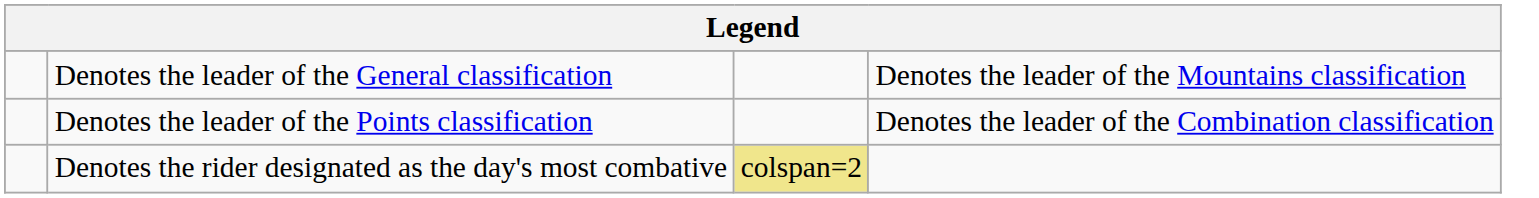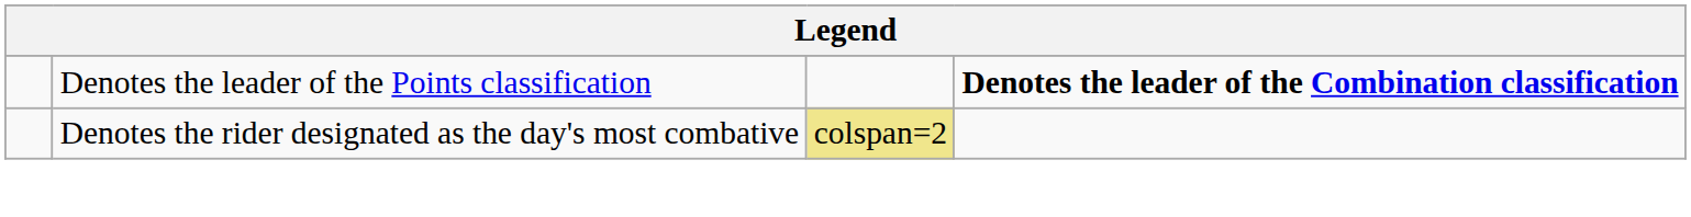 <table class="wikitable">
 <tr>
 <th colspan=4>Legend</th>
 </tr>
 <tr>
 <td>    </td>
-<td>Denotes the leader of the <a href='#'>General classification</a></td>
-<td>    </td>
-<td>Denotes the leader of the <a href='#'>Mountains classification</a></td>
-</tr>
-<tr>
-<td>    </td>
 <td>Denotes the leader of the <a href='#'>Points classification</a></td>
 <td>    </td>
-<td>Denotes the leader of the <a href='#'>Combination classification</a></td>
+<td><strong>Denotes the leader of the <a href='#'>Combination classification</a></strong></td>
 </tr>
 <tr>
 <td>    </td>
 <td>Denotes the rider designated as the day's most combative</td>
 <td style="background: khaki;">colspan=2 </td>
 </tr>
 </table>
